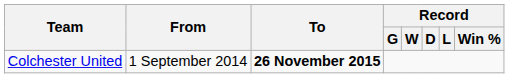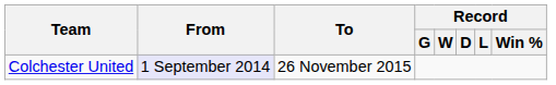 <table class="wikitable" style="text-align: center">
 <tr>
 <th rowspan="2">Team</th>
 <th rowspan="2">From</th>
 <th rowspan="2">To</th>
 <th colspan="6">Record</th>
 </tr>
 <tr>
 <th>G</th>
 <th>W</th>
 <th>D</th>
 <th>L</th>
 <th>Win %</th>
 </tr>
 <tr>
 <td align=left><a href='#'>Colchester United</a></td>
-<td align=left>1 September 2014</td>
-<td align=left><strong>26 November 2015<br></strong></td>
+<td align=left style="background: lavender;">1 September 2014</td>
+<td align=left>26 November 2015<br></td>
 </tr>
 </table>
